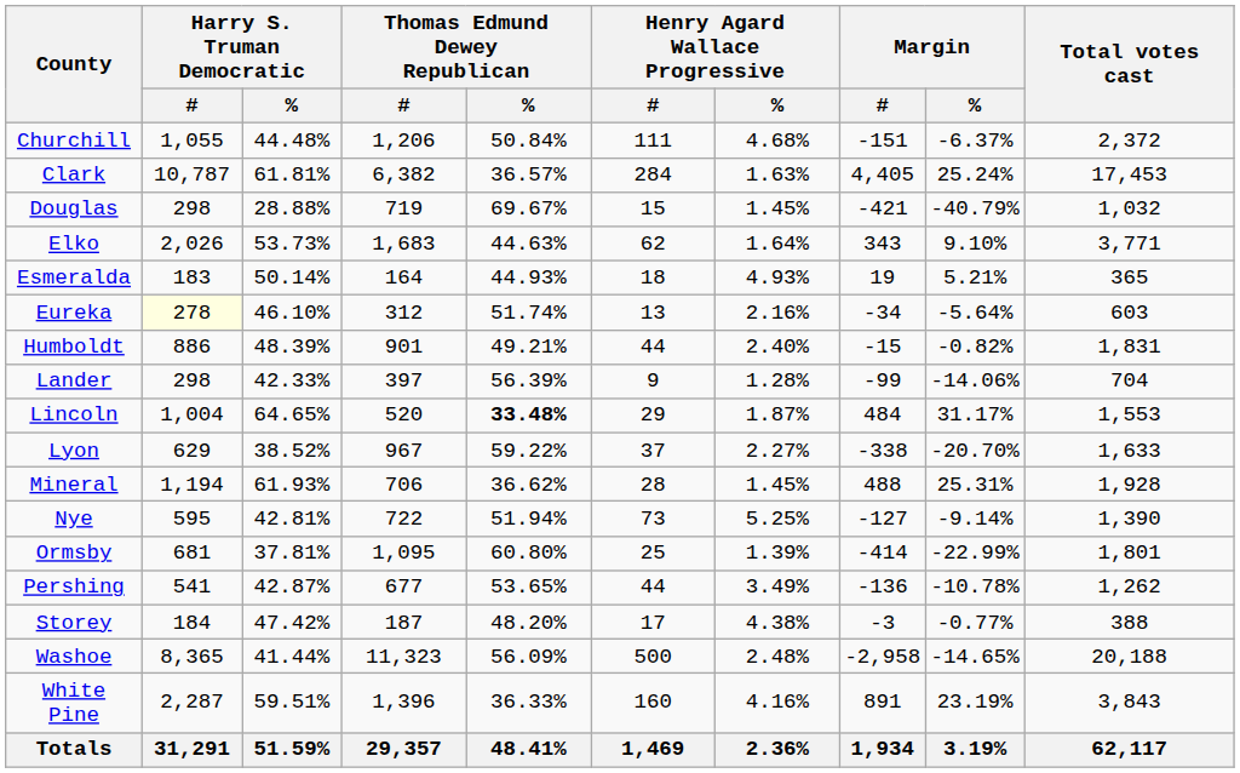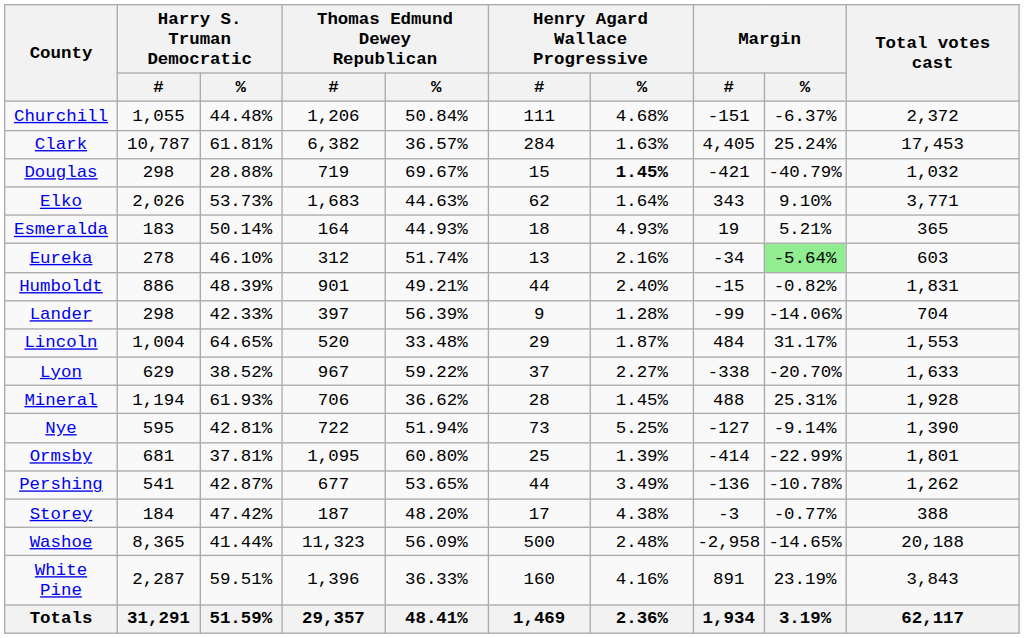 <table width="60%"  class="wikitable sortable" style="text-align:center">
 <tr>
 <th rowspan="2" style="text-align:center;">County</th>
 <th colspan="2" style="text-align:center;">Harry S. Truman<br>Democratic</th>
 <th colspan="2" style="text-align:center;">Thomas Edmund Dewey<br>Republican</th>
 <th colspan="2" style="text-align:center;">Henry Agard Wallace<br>Progressive</th>
 <th colspan="2" style="text-align:center;">Margin</th>
 <th rowspan="2" style="text-align:center;">Total votes cast</th>
 </tr>
 <tr>
 <th style="text-align:center;" data-sort-type="number">#</th>
 <th style="text-align:center;" data-sort-type="number">%</th>
 <th style="text-align:center;" data-sort-type="number">#</th>
 <th style="text-align:center;" data-sort-type="number">%</th>
 <th style="text-align:center;" data-sort-type="number">#</th>
 <th style="text-align:center;" data-sort-type="number">%</th>
 <th style="text-align:center;" data-sort-type="number">#</th>
 <th style="text-align:center;" data-sort-type="number">%</th>
 </tr>
 <tr style="text-align:center;">
 <td><a href='#'>Churchill</a></td>
 <td>1,055</td>
 <td>44.48%</td>
 <td>1,206</td>
 <td>50.84%</td>
 <td>111</td>
 <td>4.68%</td>
 <td>-151</td>
 <td>-6.37%</td>
 <td>2,372</td>
 </tr>
 <tr style="text-align:center;">
 <td><a href='#'>Clark</a></td>
 <td>10,787</td>
 <td>61.81%</td>
 <td>6,382</td>
 <td>36.57%</td>
 <td>284</td>
 <td>1.63%</td>
 <td>4,405</td>
 <td>25.24%</td>
 <td>17,453</td>
 </tr>
 <tr style="text-align:center;">
 <td><a href='#'>Douglas</a></td>
 <td>298</td>
 <td>28.88%</td>
 <td>719</td>
 <td>69.67%</td>
 <td>15</td>
-<td>1.45%</td>
+<td><strong>1.45%</strong></td>
 <td>-421</td>
 <td>-40.79%</td>
 <td>1,032</td>
 </tr>
 <tr style="text-align:center;">
 <td><a href='#'>Elko</a></td>
 <td>2,026</td>
 <td>53.73%</td>
 <td>1,683</td>
 <td>44.63%</td>
 <td>62</td>
 <td>1.64%</td>
 <td>343</td>
 <td>9.10%</td>
 <td>3,771</td>
 </tr>
 <tr style="text-align:center;">
 <td><a href='#'>Esmeralda</a></td>
 <td>183</td>
 <td>50.14%</td>
 <td>164</td>
 <td>44.93%</td>
 <td>18</td>
 <td>4.93%</td>
 <td>19</td>
 <td>5.21%</td>
 <td>365</td>
 </tr>
 <tr style="text-align:center;">
 <td><a href='#'>Eureka</a></td>
-<td style="background: lightyellow;">278</td>
+<td>278</td>
 <td>46.10%</td>
 <td>312</td>
 <td>51.74%</td>
 <td>13</td>
 <td>2.16%</td>
 <td>-34</td>
-<td>-5.64%</td>
+<td style="background: lightgreen;">-5.64%</td>
 <td>603</td>
 </tr>
 <tr style="text-align:center;">
 <td><a href='#'>Humboldt</a></td>
 <td>886</td>
 <td>48.39%</td>
 <td>901</td>
 <td>49.21%</td>
 <td>44</td>
 <td>2.40%</td>
 <td>-15</td>
 <td>-0.82%</td>
 <td>1,831</td>
 </tr>
 <tr style="text-align:center;">
 <td><a href='#'>Lander</a></td>
 <td>298</td>
 <td>42.33%</td>
 <td>397</td>
 <td>56.39%</td>
 <td>9</td>
 <td>1.28%</td>
 <td>-99</td>
 <td>-14.06%</td>
 <td>704</td>
 </tr>
 <tr style="text-align:center;">
 <td><a href='#'>Lincoln</a></td>
 <td>1,004</td>
 <td>64.65%</td>
 <td>520</td>
-<td><strong>33.48%</strong></td>
+<td>33.48%</td>
 <td>29</td>
 <td>1.87%</td>
 <td>484</td>
 <td>31.17%</td>
 <td>1,553</td>
 </tr>
 <tr style="text-align:center;">
 <td><a href='#'>Lyon</a></td>
 <td>629</td>
 <td>38.52%</td>
 <td>967</td>
 <td>59.22%</td>
 <td>37</td>
 <td>2.27%</td>
 <td>-338</td>
 <td>-20.70%</td>
 <td>1,633</td>
 </tr>
 <tr style="text-align:center;">
 <td><a href='#'>Mineral</a></td>
 <td>1,194</td>
 <td>61.93%</td>
 <td>706</td>
 <td>36.62%</td>
 <td>28</td>
 <td>1.45%</td>
 <td>488</td>
 <td>25.31%</td>
 <td>1,928</td>
 </tr>
 <tr style="text-align:center;">
 <td><a href='#'>Nye</a></td>
 <td>595</td>
 <td>42.81%</td>
 <td>722</td>
 <td>51.94%</td>
 <td>73</td>
 <td>5.25%</td>
 <td>-127</td>
 <td>-9.14%</td>
 <td>1,390</td>
 </tr>
 <tr style="text-align:center;">
 <td><a href='#'>Ormsby</a></td>
 <td>681</td>
 <td>37.81%</td>
 <td>1,095</td>
 <td>60.80%</td>
 <td>25</td>
 <td>1.39%</td>
 <td>-414</td>
 <td>-22.99%</td>
 <td>1,801</td>
 </tr>
 <tr style="text-align:center;">
 <td><a href='#'>Pershing</a></td>
 <td>541</td>
 <td>42.87%</td>
 <td>677</td>
 <td>53.65%</td>
 <td>44</td>
 <td>3.49%</td>
 <td>-136</td>
 <td>-10.78%</td>
 <td>1,262</td>
 </tr>
 <tr style="text-align:center;">
 <td><a href='#'>Storey</a></td>
 <td>184</td>
 <td>47.42%</td>
 <td>187</td>
 <td>48.20%</td>
 <td>17</td>
 <td>4.38%</td>
 <td>-3</td>
 <td>-0.77%</td>
 <td>388</td>
 </tr>
 <tr style="text-align:center;">
 <td><a href='#'>Washoe</a></td>
 <td>8,365</td>
 <td>41.44%</td>
 <td>11,323</td>
 <td>56.09%</td>
 <td>500</td>
 <td>2.48%</td>
 <td>-2,958</td>
 <td>-14.65%</td>
 <td>20,188</td>
 </tr>
 <tr style="text-align:center;">
 <td><a href='#'>White Pine</a></td>
 <td>2,287</td>
 <td>59.51%</td>
 <td>1,396</td>
 <td>36.33%</td>
 <td>160</td>
 <td>4.16%</td>
 <td>891</td>
 <td>23.19%</td>
 <td>3,843</td>
 </tr>
 <tr style="text-align:center;">
 <th>Totals</th>
 <th>31,291</th>
 <th>51.59%</th>
 <th>29,357</th>
 <th>48.41%</th>
 <th>1,469</th>
 <th>2.36%</th>
 <th>1,934</th>
 <th>3.19%</th>
 <th>62,117</th>
 </tr>
 </table>
